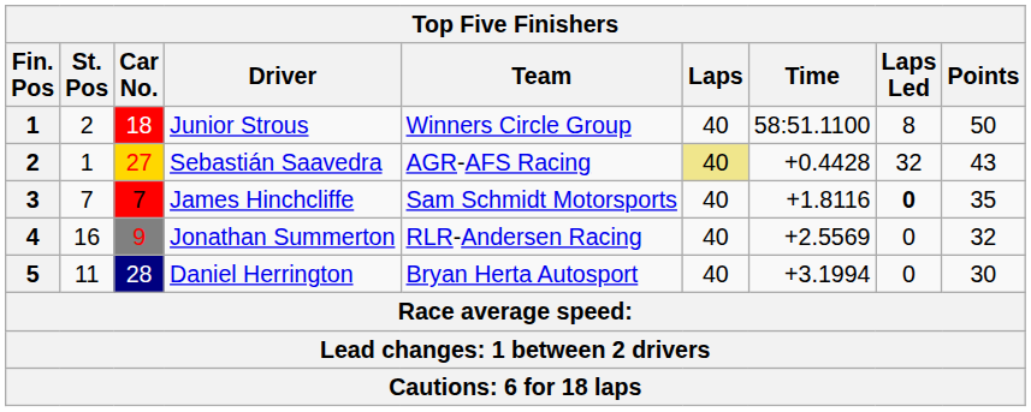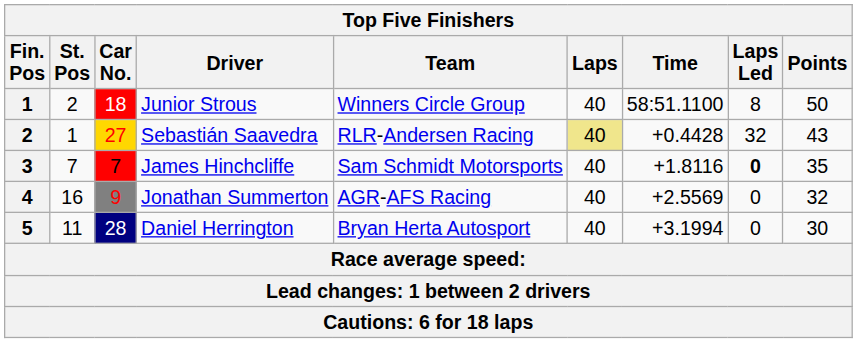 <table class="wikitable" style="font-size:95%;">
 <tr>
 <th colspan=9>Top Five Finishers</th>
 </tr>
 <tr>
 <th>Fin.<br>Pos</th>
 <th>St.<br>Pos</th>
 <th>Car<br>No.</th>
 <th>Driver</th>
 <th>Team</th>
 <th>Laps</th>
 <th>Time</th>
 <th>Laps<br>Led</th>
 <th>Points</th>
 </tr>
 <tr>
 <th>1</th>
 <td align=center>2</td>
 <td style="background:red; color:white;" align=center>18</td>
 <td> <a href='#'>Junior Strous</a></td>
 <td><a href='#'>Winners Circle Group</a></td>
 <td align=center>40</td>
 <td align=right>58:51.1100</td>
 <td align=center>8</td>
 <td align=center>50</td>
 </tr>
 <tr>
 <th>2</th>
 <td align=center>1</td>
 <td style="background:gold; color:red;" align=center>27</td>
 <td> <a href='#'>Sebastián Saavedra</a></td>
-<td><a href='#'>AGR</a>-<a href='#'>AFS Racing</a></td>
+<td><a href='#'>RLR</a>-<a href='#'>Andersen Racing</a></td>
 <td align=center style="background: khaki;">40</td>
 <td align=right>+0.4428</td>
 <td align=center>32</td>
 <td align=center>43</td>
 </tr>
 <tr>
 <th>3</th>
 <td align=center>7</td>
 <td style="background:red; color:black;" align=center>7</td>
 <td> <a href='#'>James Hinchcliffe</a></td>
 <td><a href='#'>Sam Schmidt Motorsports</a></td>
 <td align=center>40</td>
 <td align=right>+1.8116</td>
 <td align=center><strong>0</strong></td>
 <td align=center>35</td>
 </tr>
 <tr>
 <th>4</th>
 <td align=center>16</td>
 <td style="background:grey; color:red;" align=center>9</td>
 <td> <a href='#'>Jonathan Summerton</a></td>
-<td><a href='#'>RLR</a>-<a href='#'>Andersen Racing</a></td>
+<td><a href='#'>AGR</a>-<a href='#'>AFS Racing</a></td>
 <td align=center>40</td>
 <td align=right>+2.5569</td>
 <td align=center>0</td>
 <td align=center>32</td>
 </tr>
 <tr>
 <th>5</th>
 <td align=center>11</td>
 <td style="background:navy; color:white;" align=center>28</td>
 <td> <a href='#'>Daniel Herrington</a></td>
 <td><a href='#'>Bryan Herta Autosport</a></td>
 <td align=center>40</td>
 <td align=right>+3.1994</td>
 <td align=center>0</td>
 <td align=center>30</td>
 </tr>
 <tr>
 <th colspan=9>Race average speed: </th>
 </tr>
 <tr>
 <th colspan=9>Lead changes: 1 between 2 drivers</th>
 </tr>
 <tr>
 <th colspan=9>Cautions: 6 for 18 laps</th>
 </tr>
 </table>
